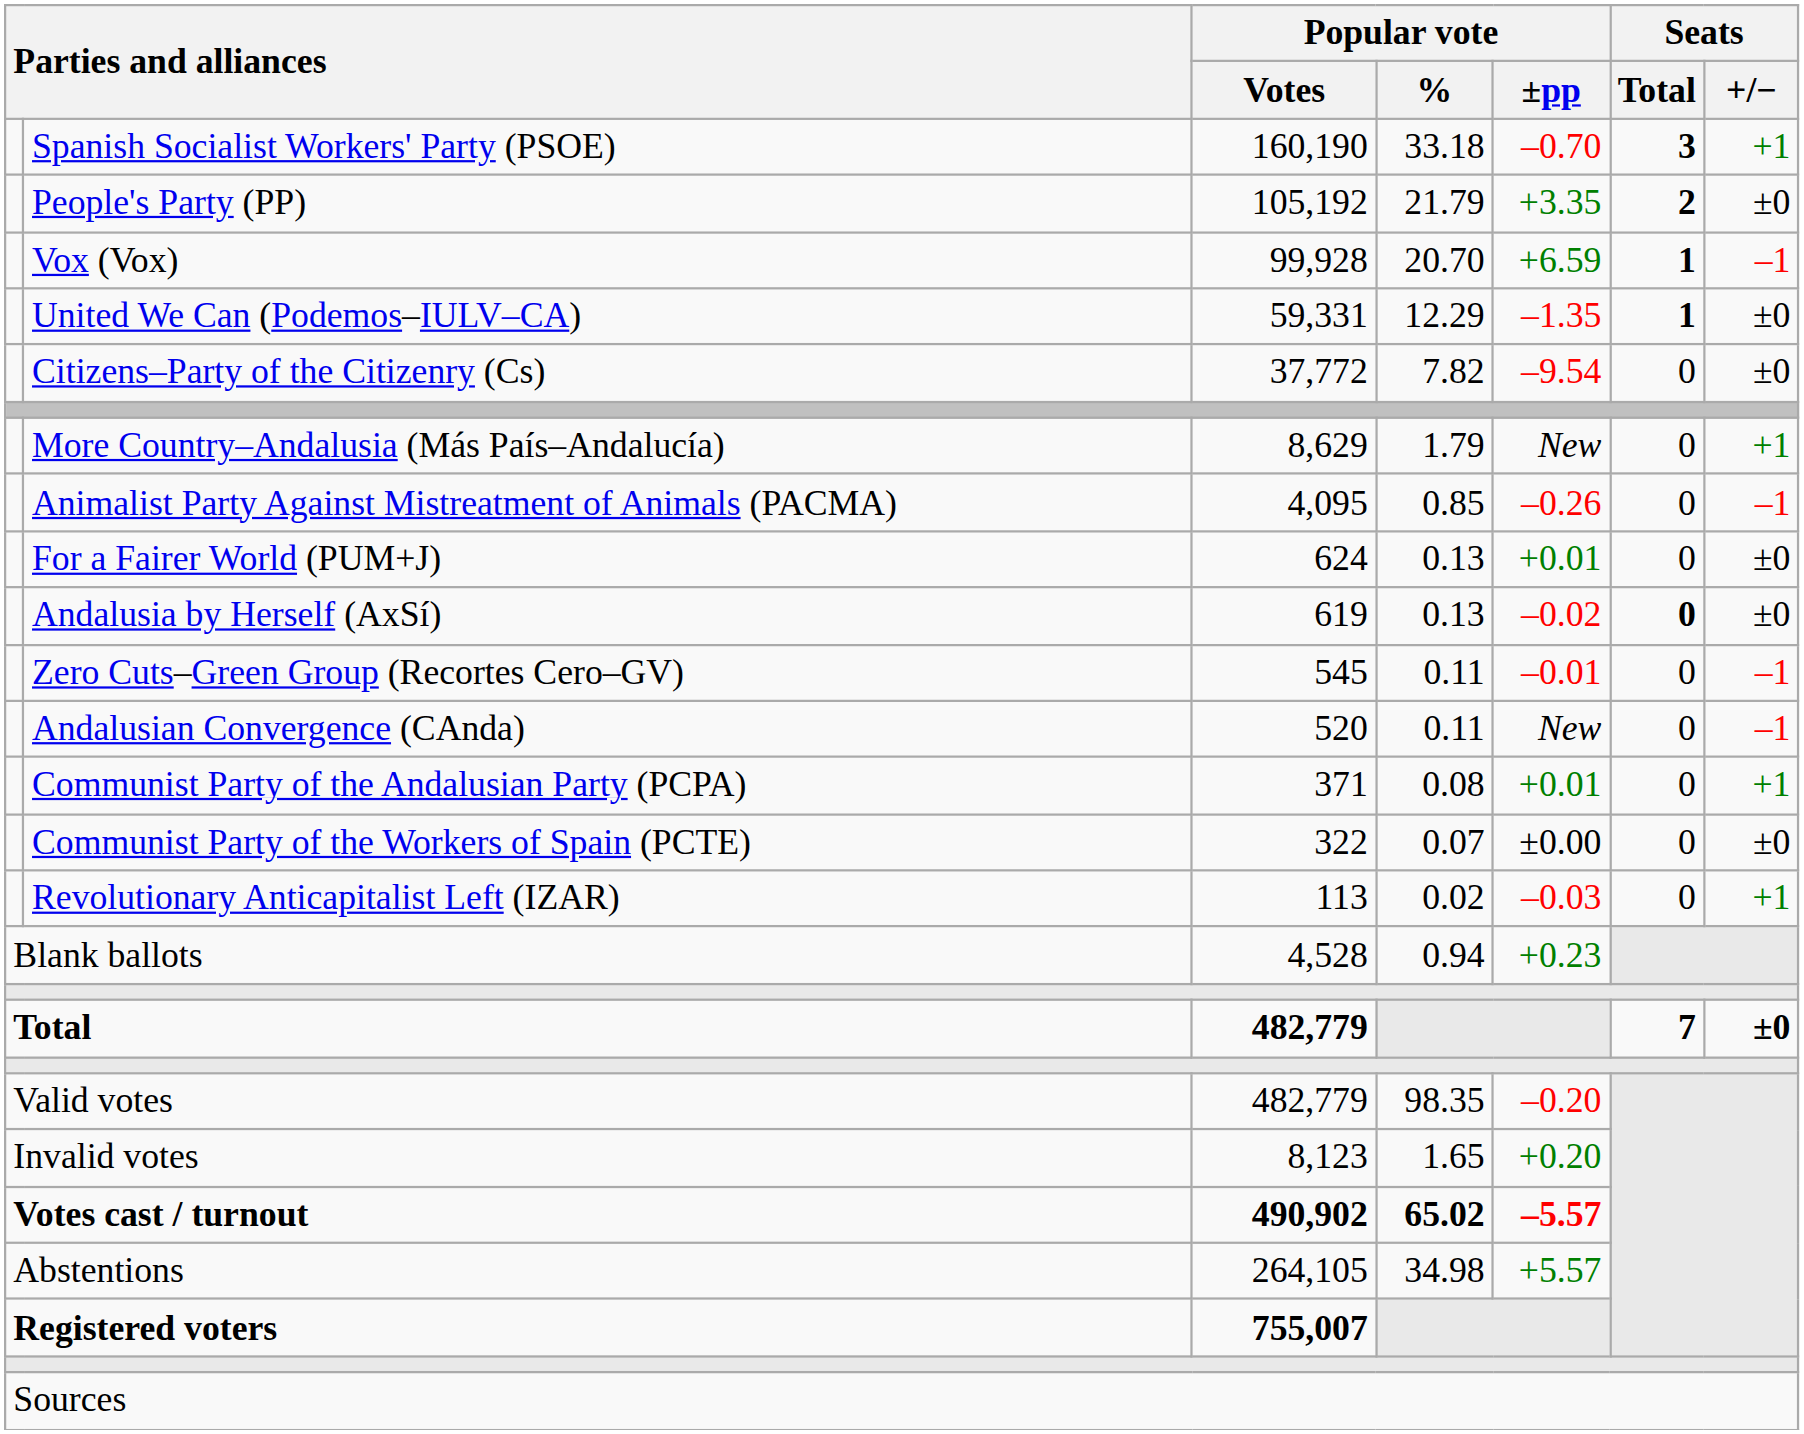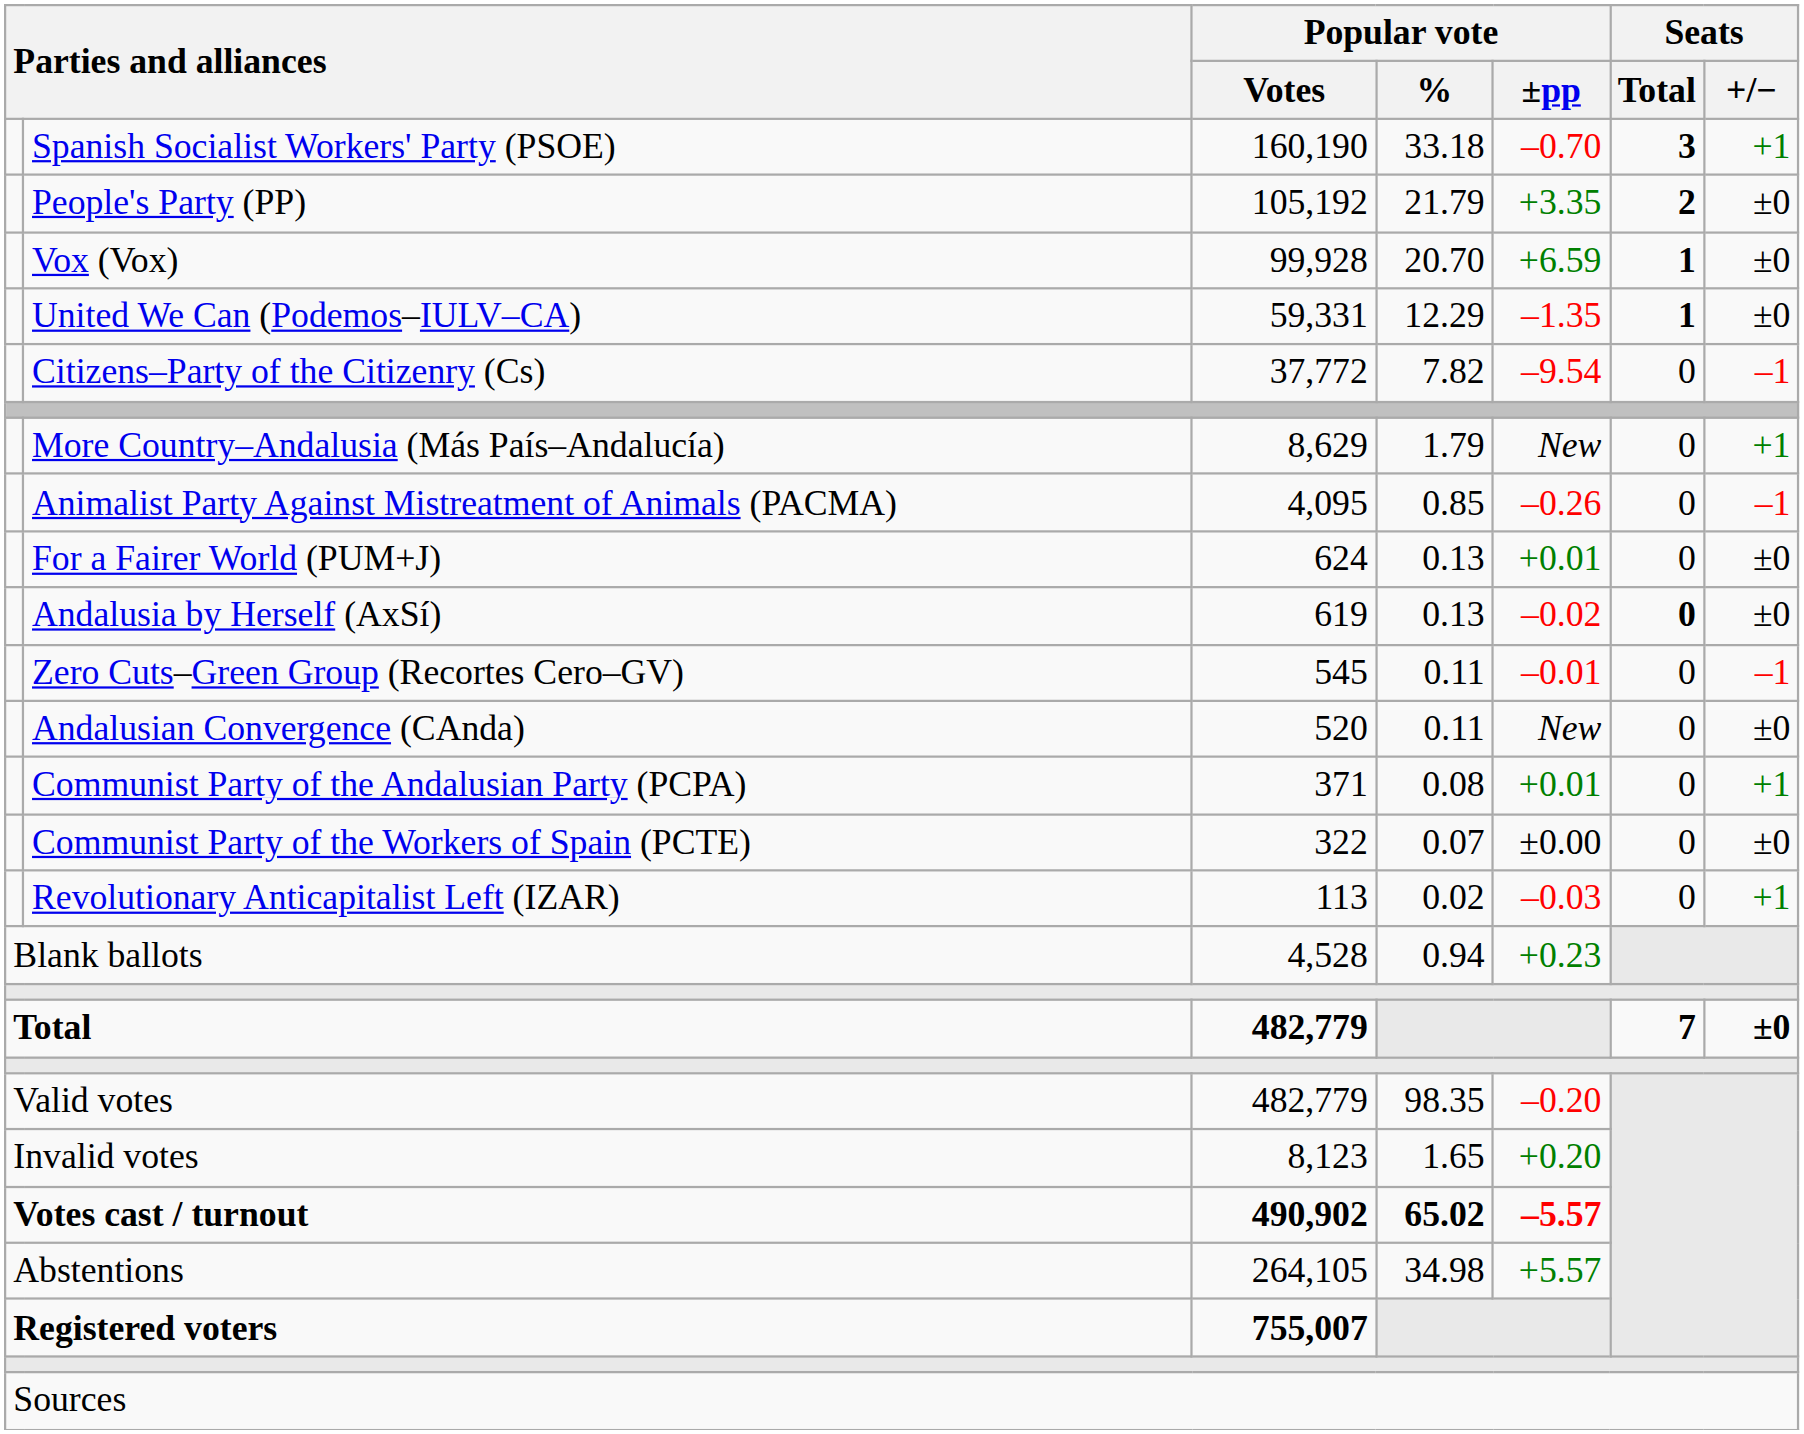 <table class="wikitable" style="text-align:right;">
 <tr>
 <th style="text-align:left;" rowspan="2" colspan="2" width="525">Parties and alliances</th>
 <th colspan="3">Popular vote</th>
 <th colspan="2">Seats</th>
 </tr>
 <tr>
 <th width="75">Votes</th>
 <th width="45">%</th>
 <th width="45">±<a href='#'>pp</a></th>
 <th width="35">Total</th>
 <th width="35">+/−</th>
 </tr>
 <tr>
 <td width="1" style="color:inherit;background:"></td>
 <td align="left"><a href='#'>Spanish Socialist Workers' Party</a> (PSOE)</td>
 <td>160,190</td>
 <td>33.18</td>
 <td style="color:red;">–0.70</td>
 <td><strong>3</strong></td>
 <td style="color:green;">+1</td>
 </tr>
 <tr>
 <td style="color:inherit;background:"></td>
 <td align="left"><a href='#'>People's Party</a> (PP)</td>
 <td>105,192</td>
 <td>21.79</td>
 <td style="color:green;">+3.35</td>
 <td><strong>2</strong></td>
 <td>±0</td>
 </tr>
 <tr>
 <td style="color:inherit;background:"></td>
 <td align="left"><a href='#'>Vox</a> (Vox)</td>
 <td>99,928</td>
 <td>20.70</td>
 <td style="color:green;">+6.59</td>
 <td><strong>1</strong></td>
-<td style="color:red;">–1</td>
+<td>±0</td>
 </tr>
 <tr>
 <td style="color:inherit;background:"></td>
 <td align="left"><a href='#'>United We Can</a> (<a href='#'>Podemos</a>–<a href='#'>IULV–CA</a>)</td>
 <td>59,331</td>
 <td>12.29</td>
 <td style="color:red;">–1.35</td>
 <td><strong>1</strong></td>
 <td>±0</td>
 </tr>
 <tr>
 <td style="color:inherit;background:"></td>
 <td align="left"><a href='#'>Citizens–Party of the Citizenry</a> (Cs)</td>
 <td>37,772</td>
 <td>7.82</td>
 <td style="color:red;">–9.54</td>
 <td>0</td>
-<td>±0</td>
+<td style="color:red;">–1</td>
 </tr>
 <tr>
 <td colspan="7" bgcolor="#C0C0C0"></td>
 </tr>
 <tr>
 <td style="color:inherit;background:"></td>
 <td align="left"><a href='#'>More Country–Andalusia</a> (Más País–Andalucía)</td>
 <td>8,629</td>
 <td>1.79</td>
 <td><em>New</em></td>
 <td>0</td>
 <td style="color:green;">+1</td>
 </tr>
 <tr>
 <td style="color:inherit;background:"></td>
 <td align="left"><a href='#'>Animalist Party Against Mistreatment of Animals</a> (PACMA)</td>
 <td>4,095</td>
 <td>0.85</td>
 <td style="color:red;">–0.26</td>
 <td>0</td>
 <td style="color:red;">–1</td>
 </tr>
 <tr>
 <td style="color:inherit;background:"></td>
 <td align="left"><a href='#'>For a Fairer World</a> (PUM+J)</td>
 <td>624</td>
 <td>0.13</td>
 <td style="color:green;">+0.01</td>
 <td>0</td>
 <td>±0</td>
 </tr>
 <tr>
 <td style="color:inherit;background:"></td>
 <td align="left"><a href='#'>Andalusia by Herself</a> (AxSí)</td>
 <td>619</td>
 <td>0.13</td>
 <td style="color:red;">–0.02</td>
 <td><strong>0</strong></td>
 <td>±0</td>
 </tr>
 <tr>
 <td style="color:inherit;background:"></td>
 <td align="left"><a href='#'>Zero Cuts</a>–<a href='#'>Green Group</a> (Recortes Cero–GV)</td>
 <td>545</td>
 <td>0.11</td>
 <td style="color:red;">–0.01</td>
 <td>0</td>
 <td style="color:red;">–1</td>
 </tr>
 <tr>
 <td style="color:inherit;background:"></td>
 <td align="left"><a href='#'>Andalusian Convergence</a> (CAnda)</td>
 <td>520</td>
 <td>0.11</td>
 <td><em>New</em></td>
 <td>0</td>
-<td style="color:red;">–1</td>
+<td>±0</td>
 </tr>
 <tr>
 <td style="color:inherit;background:"></td>
 <td align="left"><a href='#'>Communist Party of the Andalusian Party</a> (PCPA)</td>
 <td>371</td>
 <td>0.08</td>
 <td style="color:green;">+0.01</td>
 <td>0</td>
 <td style="color:green;">+1</td>
 </tr>
 <tr>
 <td style="color:inherit;background:"></td>
 <td align="left"><a href='#'>Communist Party of the Workers of Spain</a> (PCTE)</td>
 <td>322</td>
 <td>0.07</td>
 <td>±0.00</td>
 <td>0</td>
 <td>±0</td>
 </tr>
 <tr>
 <td style="color:inherit;background:"></td>
 <td align="left"><a href='#'>Revolutionary Anticapitalist Left</a> (IZAR)</td>
 <td>113</td>
 <td>0.02</td>
 <td style="color:red;">–0.03</td>
 <td>0</td>
 <td style="color:green;">+1</td>
 </tr>
 <tr>
 <td align="left" colspan="2">Blank ballots</td>
 <td>4,528</td>
 <td>0.94</td>
 <td style="color:green;">+0.23</td>
 <td bgcolor="#E9E9E9" colspan="2"></td>
 </tr>
 <tr>
 <td colspan="7" bgcolor="#E9E9E9"></td>
 </tr>
 <tr style="font-weight:bold;">
 <td align="left" colspan="2">Total</td>
 <td>482,779</td>
 <td bgcolor="#E9E9E9" colspan="2"></td>
 <td>7</td>
 <td>±0</td>
 </tr>
 <tr>
 <td colspan="7" bgcolor="#E9E9E9"></td>
 </tr>
 <tr>
 <td align="left" colspan="2">Valid votes</td>
 <td>482,779</td>
 <td>98.35</td>
 <td style="color:red;">–0.20</td>
 <td bgcolor="#E9E9E9" colspan="2" rowspan="5"></td>
 </tr>
 <tr>
 <td align="left" colspan="2">Invalid votes</td>
 <td>8,123</td>
 <td>1.65</td>
 <td style="color:green;">+0.20</td>
 </tr>
 <tr style="font-weight:bold;">
 <td align="left" colspan="2">Votes cast / turnout</td>
 <td>490,902</td>
 <td>65.02</td>
 <td style="color:red;">–5.57</td>
 </tr>
 <tr>
 <td align="left" colspan="2">Abstentions</td>
 <td>264,105</td>
 <td>34.98</td>
 <td style="color:green;">+5.57</td>
 </tr>
 <tr style="font-weight:bold;">
 <td align="left" colspan="2">Registered voters</td>
 <td>755,007</td>
 <td bgcolor="#E9E9E9" colspan="2"></td>
 </tr>
 <tr>
 <td colspan="7" bgcolor="#E9E9E9"></td>
 </tr>
 <tr>
 <td align="left" colspan="7">Sources</td>
 </tr>
 </table>
